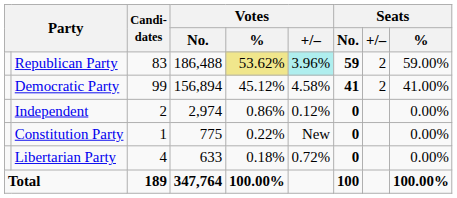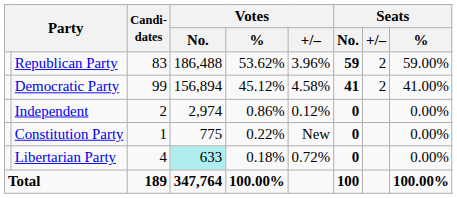 <table class="wikitable" style="font-size:100%; text-align:right;">
 <tr>
 <th colspan=2 rowspan=2>Party</th>
 <th rowspan=2><small>Candi-<br>dates</small></th>
 <th colspan=3>Votes</th>
 <th colspan=3>Seats</th>
 </tr>
 <tr>
 <th>No.</th>
 <th>%</th>
 <th>+/–</th>
 <th>No.</th>
 <th>+/–</th>
 <th>%</th>
 </tr>
 <tr>
 <td style="background:"></td>
 <td style="text-align:left"><a href='#'>Republican Party</a></td>
 <td>83</td>
 <td>186,488</td>
-<td style="background: khaki;">53.62%</td>
-<td style="background: paleturquoise;">3.96%</td>
+<td>53.62%</td>
+<td>3.96%</td>
 <td><strong>59</strong></td>
 <td>2</td>
 <td>59.00%</td>
 </tr>
 <tr>
 <td style="background:"></td>
 <td style="text-align:left"><a href='#'>Democratic Party</a></td>
 <td>99</td>
 <td>156,894</td>
 <td>45.12%</td>
 <td>4.58%</td>
 <td><strong>41</strong></td>
 <td>2</td>
 <td>41.00%</td>
 </tr>
 <tr>
 <td style="background:"></td>
 <td style="text-align:left"><a href='#'>Independent</a></td>
 <td>2</td>
 <td>2,974</td>
 <td>0.86%</td>
 <td>0.12%</td>
 <td><strong>0</strong></td>
 <td></td>
 <td>0.00%</td>
 </tr>
 <tr>
 <td style="background:"></td>
 <td style="text-align:left"><a href='#'>Constitution Party</a></td>
 <td>1</td>
 <td>775</td>
 <td>0.22%</td>
 <td>New</td>
 <td><strong>0</strong></td>
 <td></td>
 <td>0.00%</td>
 </tr>
 <tr>
 <td style="background:"></td>
 <td style="text-align:left"><a href='#'>Libertarian Party</a></td>
 <td>4</td>
-<td>633</td>
+<td style="background: paleturquoise;">633</td>
 <td>0.18%</td>
 <td>0.72%</td>
 <td><strong>0</strong></td>
 <td></td>
 <td>0.00%</td>
 </tr>
 <tr style="font-weight:bold">
 <td colspan=2 style="text-align:left">Total</td>
 <td>189</td>
 <td>347,764</td>
 <td>100.00%</td>
 <td></td>
 <td>100</td>
 <td></td>
 <td>100.00%</td>
 </tr>
 </table>
